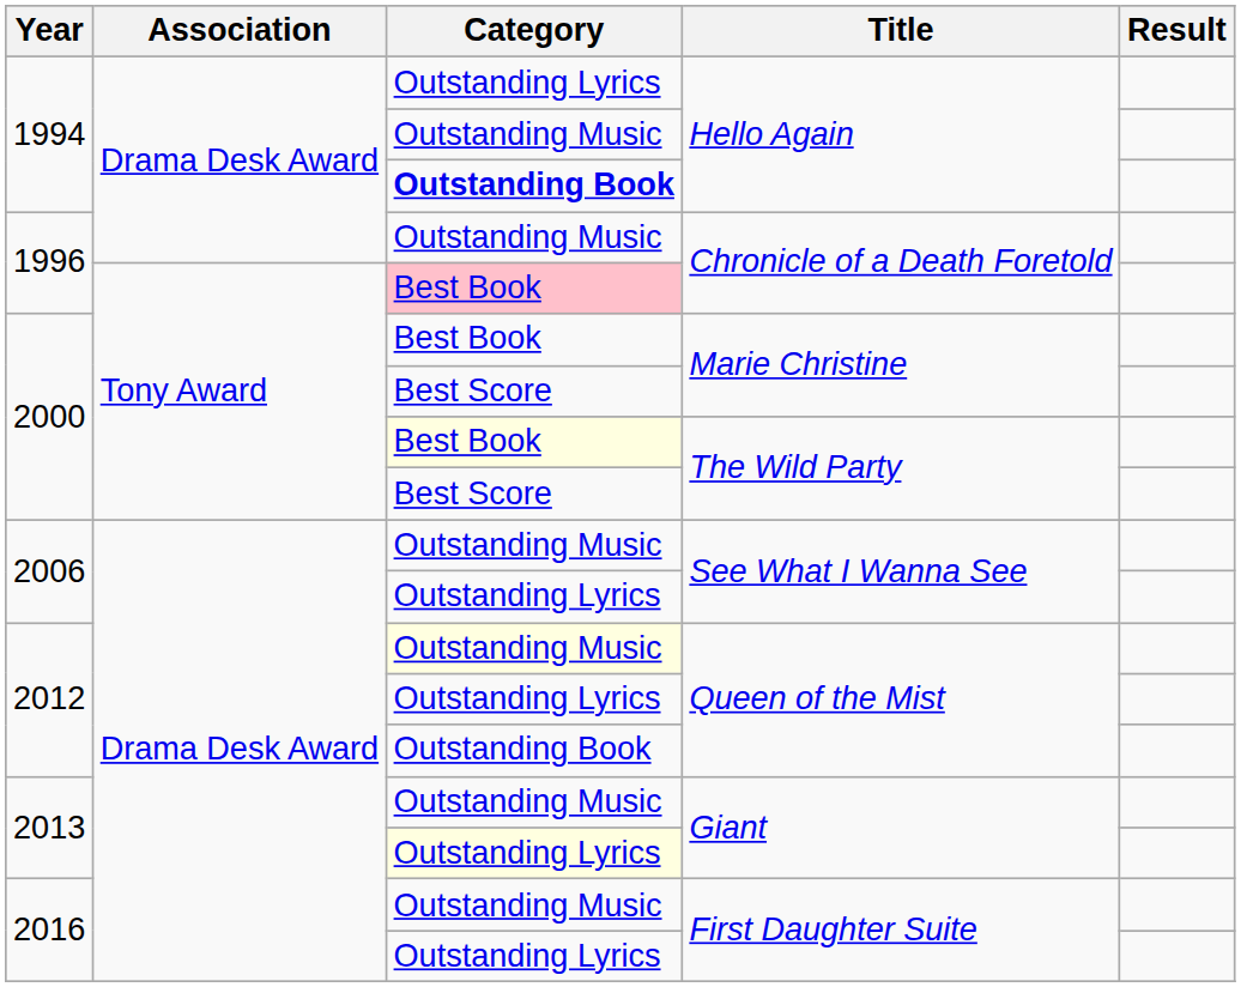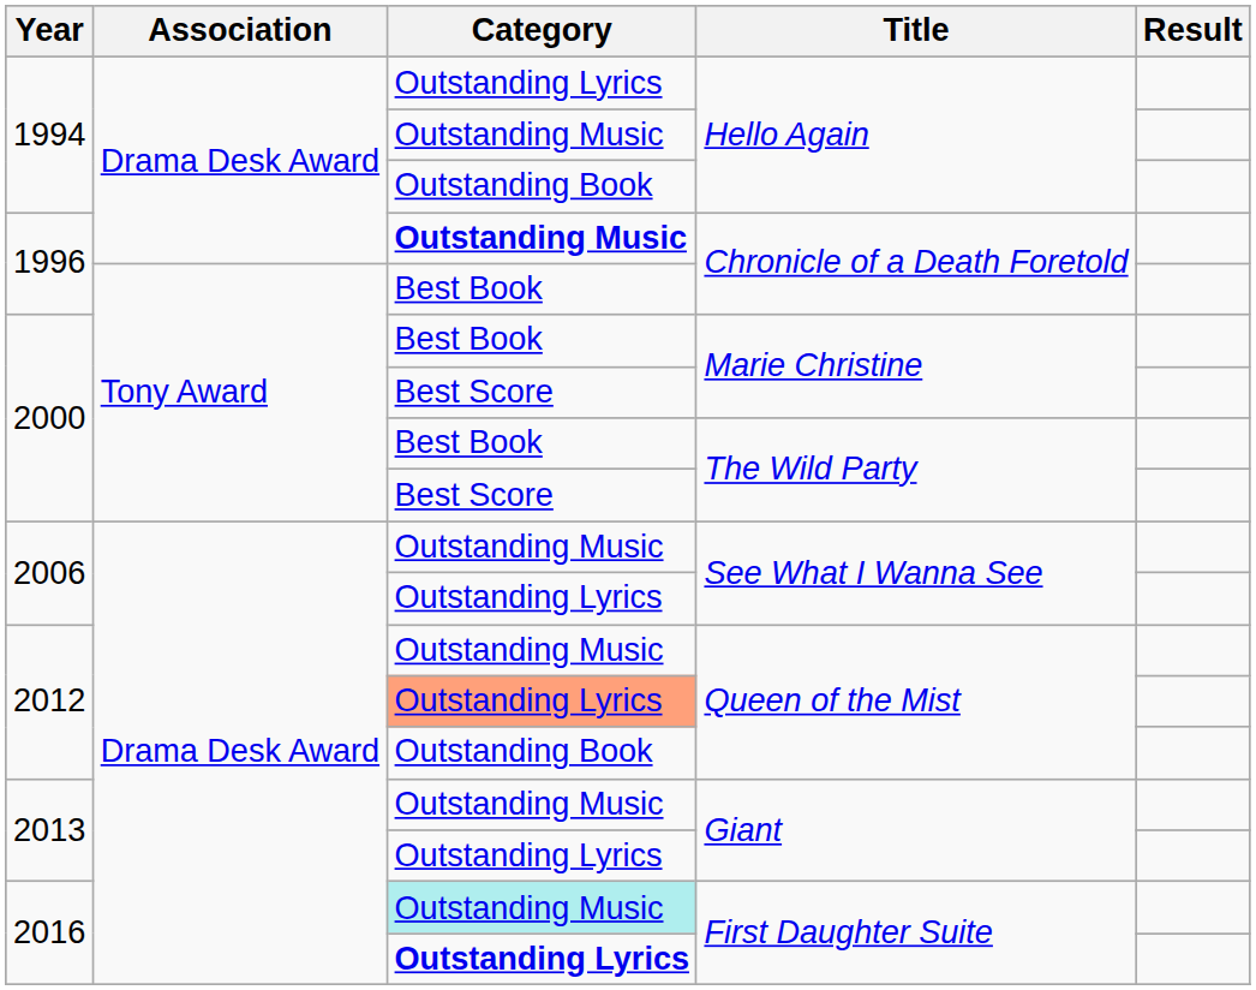 <table class="wikitable">
 <tr>
 <th>Year</th>
 <th>Association</th>
 <th>Category</th>
 <th>Title</th>
 <th>Result</th>
 </tr>
 <tr>
 <td rowspan="3">1994</td>
 <td rowspan="4"><a href='#'>Drama Desk Award</a></td>
 <td><a href='#'>Outstanding Lyrics</a></td>
 <td rowspan="3"><em><a href='#'>Hello Again</a></em></td>
 <td></td>
 </tr>
 <tr>
 <td><a href='#'>Outstanding Music</a></td>
 <td></td>
 </tr>
 <tr>
-<td><strong><a href='#'>Outstanding Book</a></strong></td>
+<td><a href='#'>Outstanding Book</a></td>
 <td></td>
 </tr>
 <tr>
 <td rowspan="2">1996</td>
-<td><a href='#'>Outstanding Music</a></td>
+<td><strong><a href='#'>Outstanding Music</a></strong></td>
 <td rowspan="2"><em><a href='#'>Chronicle of a Death Foretold</a></em></td>
 <td></td>
 </tr>
 <tr>
 <td rowspan="5"><a href='#'>Tony Award</a></td>
-<td style="background: pink;"><a href='#'>Best Book</a></td>
+<td><a href='#'>Best Book</a></td>
 <td></td>
 </tr>
 <tr>
 <td rowspan="4">2000</td>
 <td><a href='#'>Best Book</a></td>
 <td rowspan="2"><em><a href='#'>Marie Christine</a></em></td>
 <td></td>
 </tr>
 <tr>
 <td><a href='#'>Best Score</a></td>
 <td></td>
 </tr>
 <tr>
-<td style="background: lightyellow;"><a href='#'>Best Book</a></td>
+<td><a href='#'>Best Book</a></td>
 <td rowspan="2"><em><a href='#'>The Wild Party</a></em></td>
 <td></td>
 </tr>
 <tr>
 <td><a href='#'>Best Score</a></td>
 <td></td>
 </tr>
 <tr>
 <td rowspan="2">2006</td>
 <td rowspan="9"><a href='#'>Drama Desk Award</a></td>
 <td><a href='#'>Outstanding Music</a></td>
 <td rowspan="2"><em><a href='#'>See What I Wanna See</a></em></td>
 <td></td>
 </tr>
 <tr>
 <td><a href='#'>Outstanding Lyrics</a></td>
 <td></td>
 </tr>
 <tr>
 <td rowspan="3">2012</td>
-<td style="background: lightyellow;"><a href='#'>Outstanding Music</a></td>
+<td><a href='#'>Outstanding Music</a></td>
 <td rowspan="3"><em><a href='#'>Queen of the Mist</a></em></td>
 <td></td>
 </tr>
 <tr>
-<td><a href='#'>Outstanding Lyrics</a></td>
+<td style="background: lightsalmon;"><a href='#'>Outstanding Lyrics</a></td>
 <td></td>
 </tr>
 <tr>
 <td><a href='#'>Outstanding Book</a></td>
 <td></td>
 </tr>
 <tr>
 <td rowspan="2">2013</td>
 <td><a href='#'>Outstanding Music</a></td>
 <td rowspan="2"><em><a href='#'>Giant</a></em></td>
 <td></td>
 </tr>
 <tr>
-<td style="background: lightyellow;"><a href='#'>Outstanding Lyrics</a></td>
+<td><a href='#'>Outstanding Lyrics</a></td>
 <td></td>
 </tr>
 <tr>
 <td rowspan="2">2016</td>
-<td><a href='#'>Outstanding Music</a></td>
+<td style="background: paleturquoise;"><a href='#'>Outstanding Music</a></td>
 <td rowspan="2"><em><a href='#'>First Daughter Suite</a></em></td>
 <td></td>
 </tr>
 <tr>
-<td><a href='#'>Outstanding Lyrics</a></td>
+<td><strong><a href='#'>Outstanding Lyrics</a></strong></td>
 <td></td>
 </tr>
 <tr>
 </tr>
 </table>
